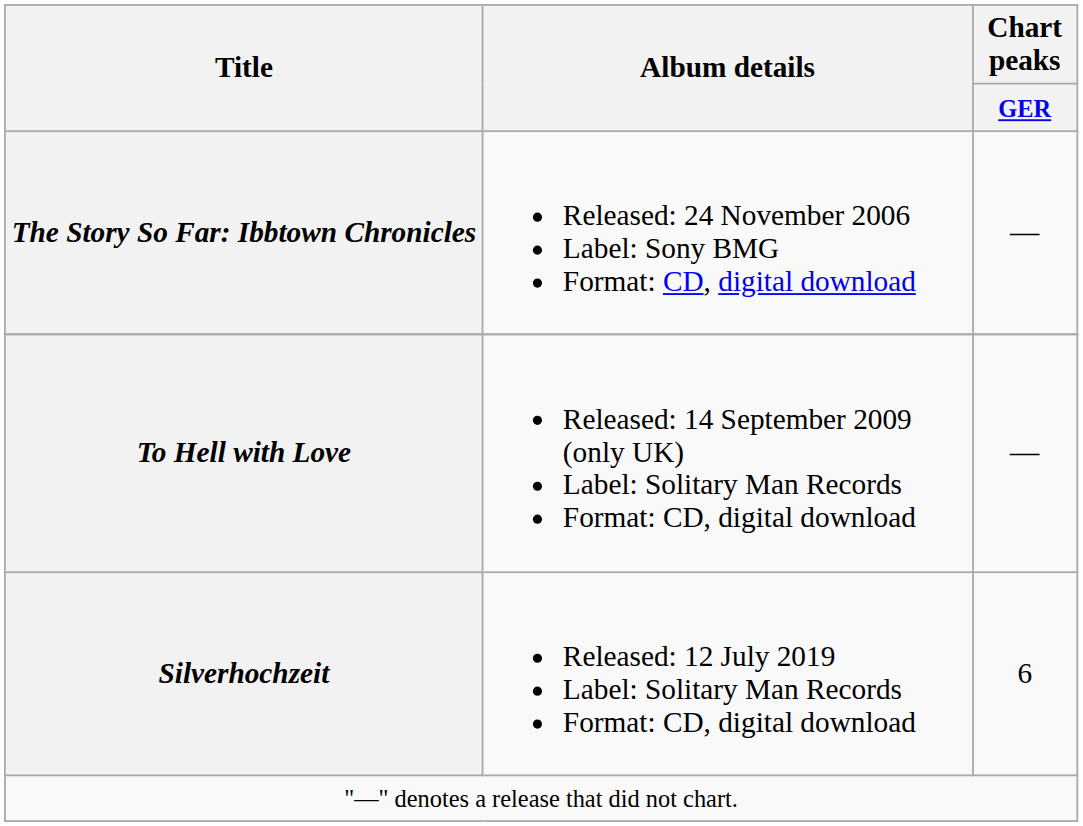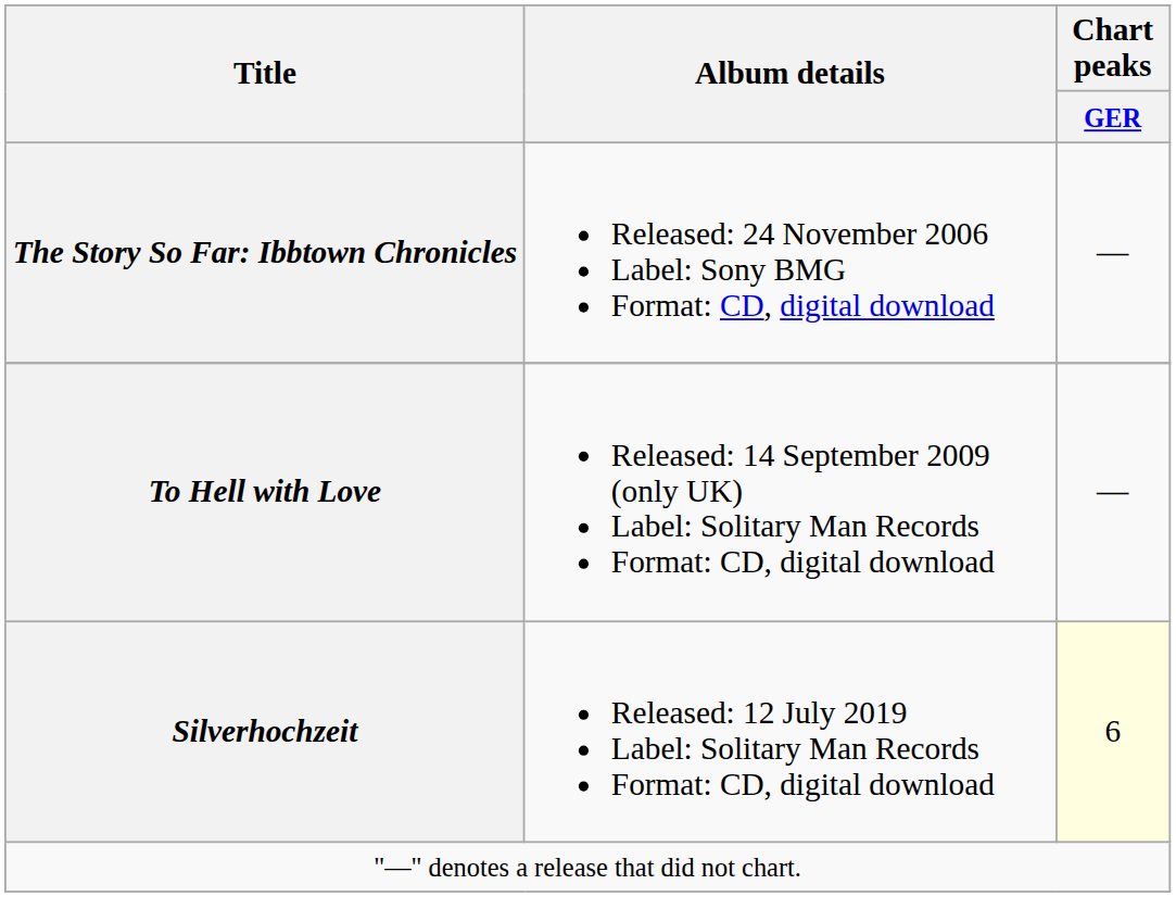 <table class="wikitable plainrowheaders">
 <tr>
 <th scope="col" rowspan="2">Title</th>
 <th scope="col" rowspan="2" width="260">Album details</th>
 <th scope="col" colspan="1">Chart peaks</th>
 </tr>
 <tr>
 <th scope="col" width="50"><small><a href='#'>GER</a></small><br></th>
 </tr>
 <tr>
 <th scope="row"><em>The Story So Far: Ibbtown Chronicles</em></th>
 <td><br><ul><li>Released: 24 November 2006</li><li>Label: Sony BMG</li><li>Format: <a href='#'>CD</a>, <a href='#'>digital download</a></li></ul></td>
 <td align="center">—</td>
 </tr>
 <tr>
 </tr>
 <tr>
 <th scope="row"><em>To Hell with Love</em></th>
 <td><br><ul><li>Released: 14 September 2009 (only UK)</li><li>Label: Solitary Man Records</li><li>Format: CD, digital download</li></ul></td>
 <td align="center">—</td>
 </tr>
 <tr>
 <th scope="row"><em>Silverhochzeit</em></th>
 <td><br><ul><li>Released: 12 July 2019</li><li>Label: Solitary Man Records</li><li>Format: CD, digital download</li></ul></td>
-<td align="center">6</td>
+<td align="center" style="background: lightyellow;">6</td>
 </tr>
 <tr>
 <td colspan="15" align="center"><small>"—" denotes a release that did not chart.</small></td>
 </tr>
 </table>
